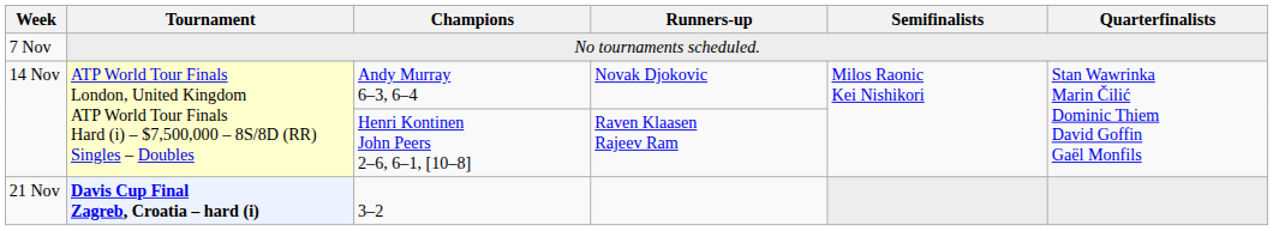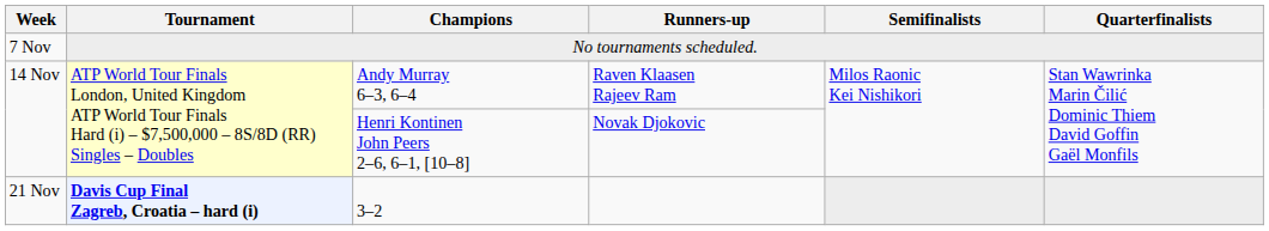 <table class=wikitable style=font-size:95%>
 <tr>
 <th style="width:48px;">Week</th>
 <th style="width:250px;">Tournament</th>
 <th style="width:205px;">Champions</th>
 <th style="width:205px;">Runners-up</th>
 <th style="width:190px;">Semifinalists</th>
 <th style="width:190px;">Quarterfinalists</th>
 </tr>
 <tr valign=top>
 <td rowspan=1>7 Nov</td>
 <td colspan=5 style="background-color:#ededed; text-align:center;"><em>No tournaments scheduled.</em></td>
 </tr>
 <tr valign=top>
 <td rowspan=2>14 Nov</td>
 <td style="background:#ffc;" rowspan=2><a href='#'>ATP World Tour Finals</a><br> London, United Kingdom<br>ATP World Tour Finals<br>Hard (i) – $7,500,000 – 8S/8D (RR)<br><a href='#'>Singles</a> – <a href='#'>Doubles</a></td>
 <td> <a href='#'>Andy Murray</a> <br>6–3, 6–4</td>
-<td> <a href='#'>Novak Djokovic</a></td>
+<td> <a href='#'>Raven Klaasen</a><br> <a href='#'>Rajeev Ram</a></td>
 <td rowspan=2> <a href='#'>Milos Raonic</a> <br>  <a href='#'>Kei Nishikori</a></td>
 <td rowspan=2>  <a href='#'>Stan Wawrinka</a><br>  <a href='#'>Marin Čilić</a><br>  <a href='#'>Dominic Thiem</a> <br> <a href='#'>David Goffin</a><br>  <a href='#'>Gaël Monfils</a></td>
 </tr>
 <tr valign=top>
 <td> <a href='#'>Henri Kontinen</a><br> <a href='#'>John Peers</a><br>2–6, 6–1, [10–8]</td>
-<td> <a href='#'>Raven Klaasen</a><br> <a href='#'>Rajeev Ram</a></td>
+<td> <a href='#'>Novak Djokovic</a></td>
 </tr>
 <tr valign=top>
 <td>21 Nov</td>
 <td style="background:#ecf2ff;"><strong><a href='#'>Davis Cup Final</a> <br><a href='#'>Zagreb</a>, Croatia – hard (i)</strong></td>
 <td><br> 3–2</td>
 <td></td>
 <td bgcolor=#ededed></td>
 <td bgcolor=#ededed></td>
 </tr>
 </table>
